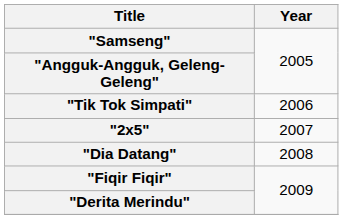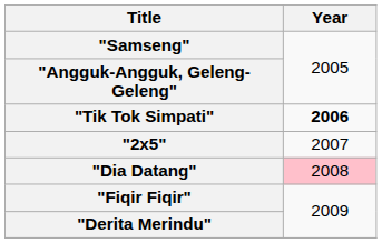 <table class="wikitable plainrowheaders" style="text-align:center;" border="1">
 <tr>
 <th scope="col" style="width:16em;">Title</th>
 <th scope="col" style="width:5em;">Year</th>
 </tr>
 <tr>
 <th scope="row">"Samseng"</th>
 <td rowspan="2">2005</td>
 </tr>
 <tr>
 <th scope="row">"Angguk-Angguk, Geleng-Geleng"</th>
 </tr>
 <tr>
 <th scope="row">"Tik Tok Simpati"</th>
-<td>2006</td>
+<td><strong>2006</strong></td>
 </tr>
 <tr>
 <th scope="row">"2x5"</th>
 <td>2007</td>
 </tr>
 <tr>
 <th scope="row">"Dia Datang"</th>
-<td>2008</td>
+<td style="background: pink;">2008</td>
 </tr>
 <tr>
 <th scope="row">"Fiqir Fiqir"</th>
 <td rowspan="2">2009</td>
 </tr>
 <tr>
 <th scope="row">"Derita Merindu"</th>
 </tr>
 <tr>
 </tr>
 </table>
